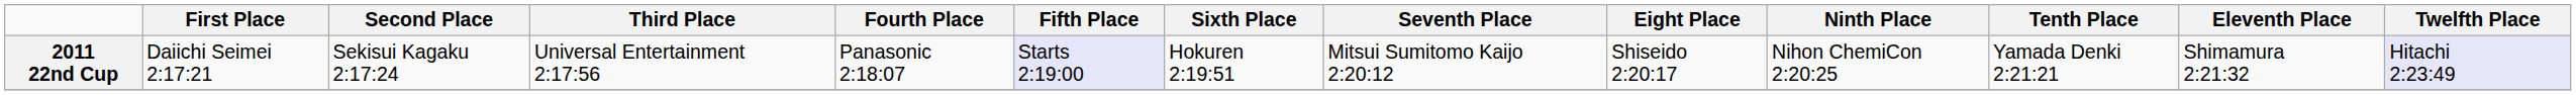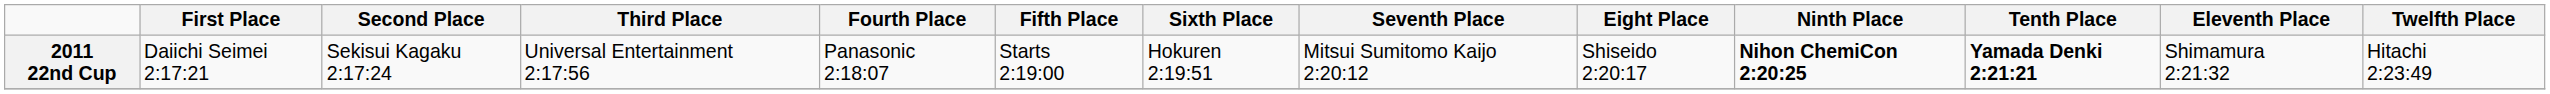 <table class="wikitable" style="text-align:left; width:105%; align:top;">
 <tr>
 <td></td>
 <th scope="col">First Place</th>
 <th scope="col">Second Place</th>
 <th scope="col">Third Place</th>
 <th scope="col">Fourth Place</th>
 <th scope="col">Fifth Place</th>
 <th scope="col">Sixth Place</th>
 <th scope="col">Seventh Place</th>
 <th scope="col">Eight Place</th>
 <th scope="col">Ninth Place</th>
 <th scope="col">Tenth Place</th>
 <th scope="col">Eleventh Place</th>
 <th scope="col">Twelfth Place</th>
 </tr>
 <tr>
 <th scope="row">2011<br>    22nd Cup</th>
 <td>Daiichi Seimei<br>2:17:21</td>
 <td>Sekisui Kagaku<br>2:17:24</td>
 <td>Universal Entertainment<br>2:17:56</td>
 <td>Panasonic<br>2:18:07</td>
-<td style="background: lavender;">Starts<br>2:19:00</td>
+<td>Starts<br>2:19:00</td>
 <td>Hokuren<br>2:19:51</td>
 <td>Mitsui Sumitomo Kaijo<br>2:20:12</td>
 <td>Shiseido<br>2:20:17</td>
-<td>Nihon ChemiCon<br>2:20:25</td>
-<td>Yamada Denki<br>2:21:21</td>
+<td><strong>Nihon ChemiCon<br>2:20:25</strong></td>
+<td><strong>Yamada Denki<br>2:21:21</strong></td>
 <td>Shimamura<br>2:21:32</td>
-<td style="background: lavender;">Hitachi<br>2:23:49</td>
+<td>Hitachi<br>2:23:49</td>
 </tr>
 <tr>
 </tr>
 </table>
